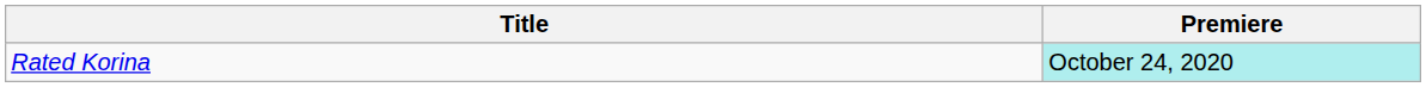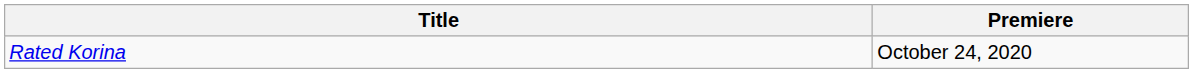 <table class="wikitable sortable" width="75%">
 <tr>
 <th style="width:55%;">Title</th>
 <th style="width:20%;">Premiere</th>
 </tr>
 <tr>
 <td><em><a href='#'>Rated Korina</a></em></td>
-<td style="background: paleturquoise;">October 24, 2020</td>
+<td>October 24, 2020</td>
 </tr>
 </table>
